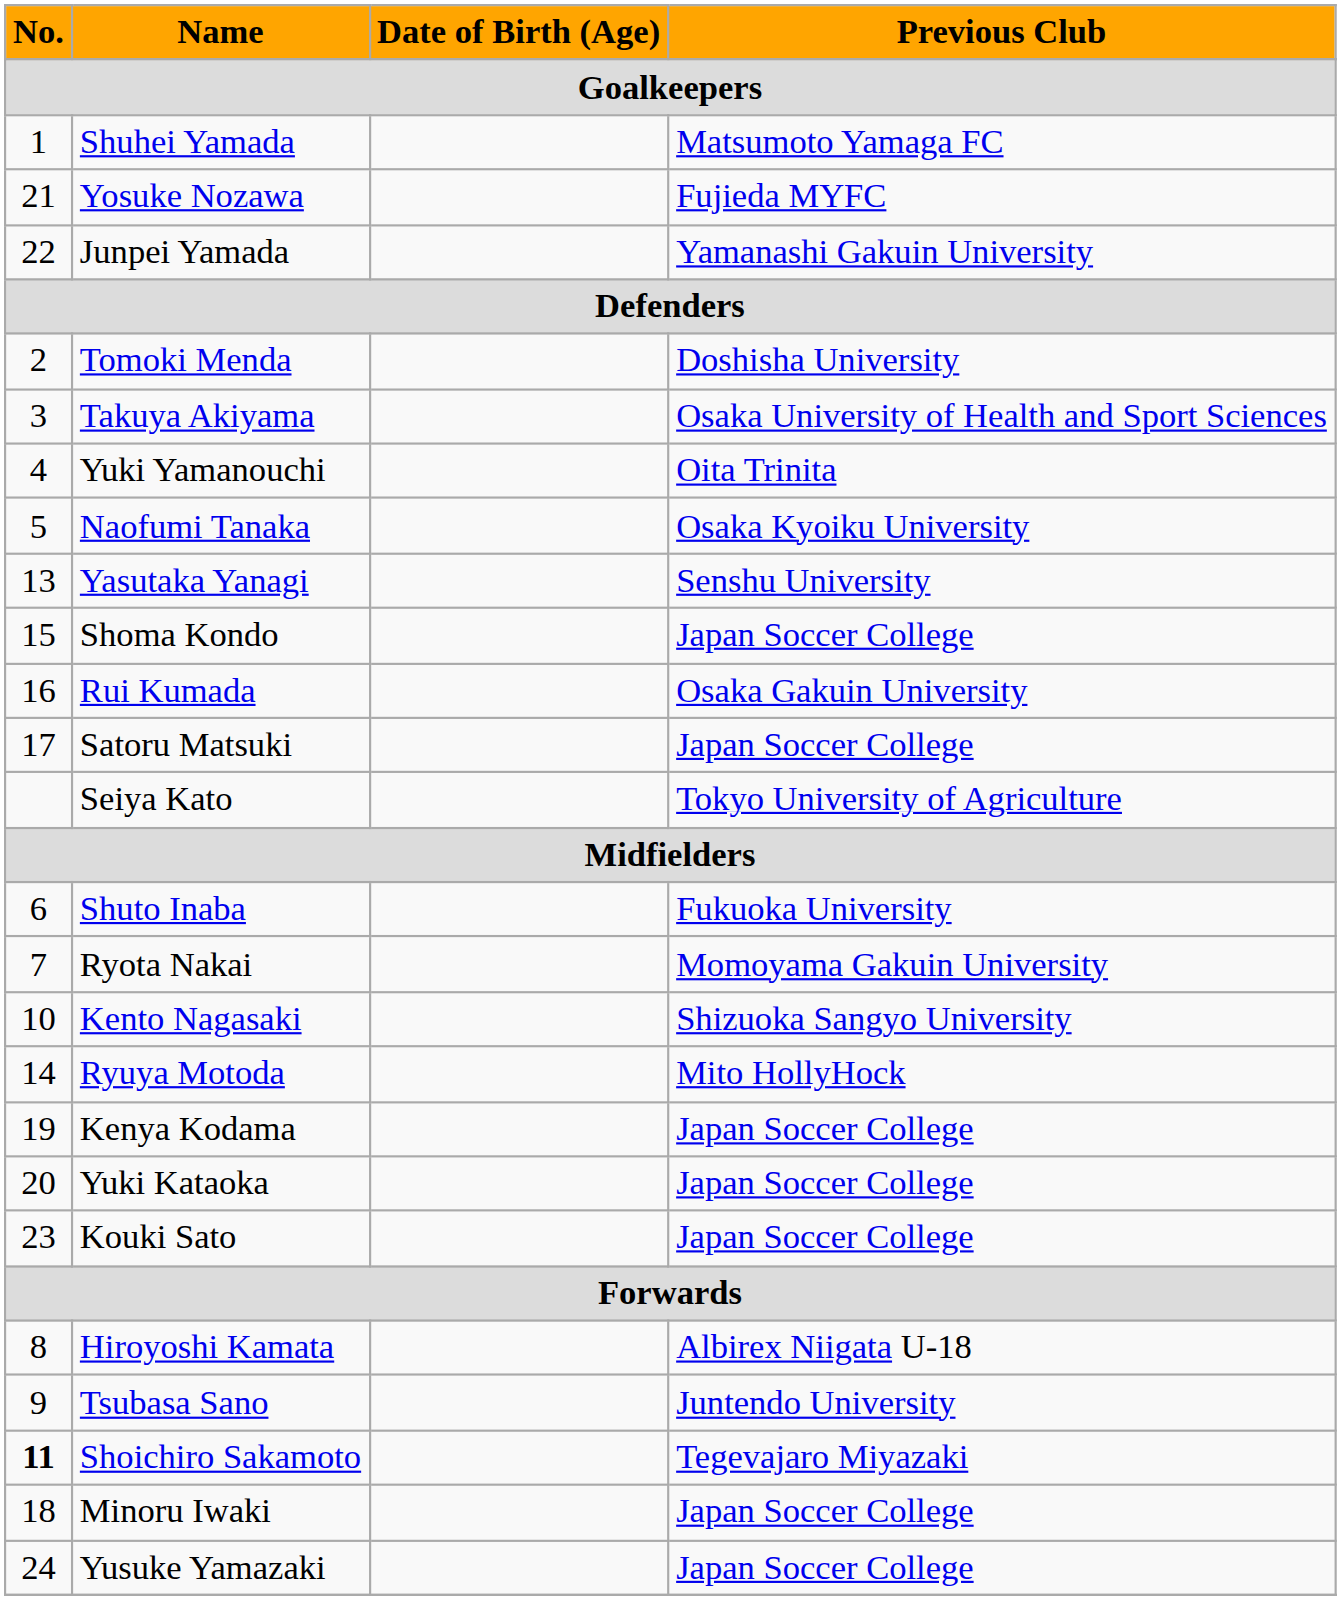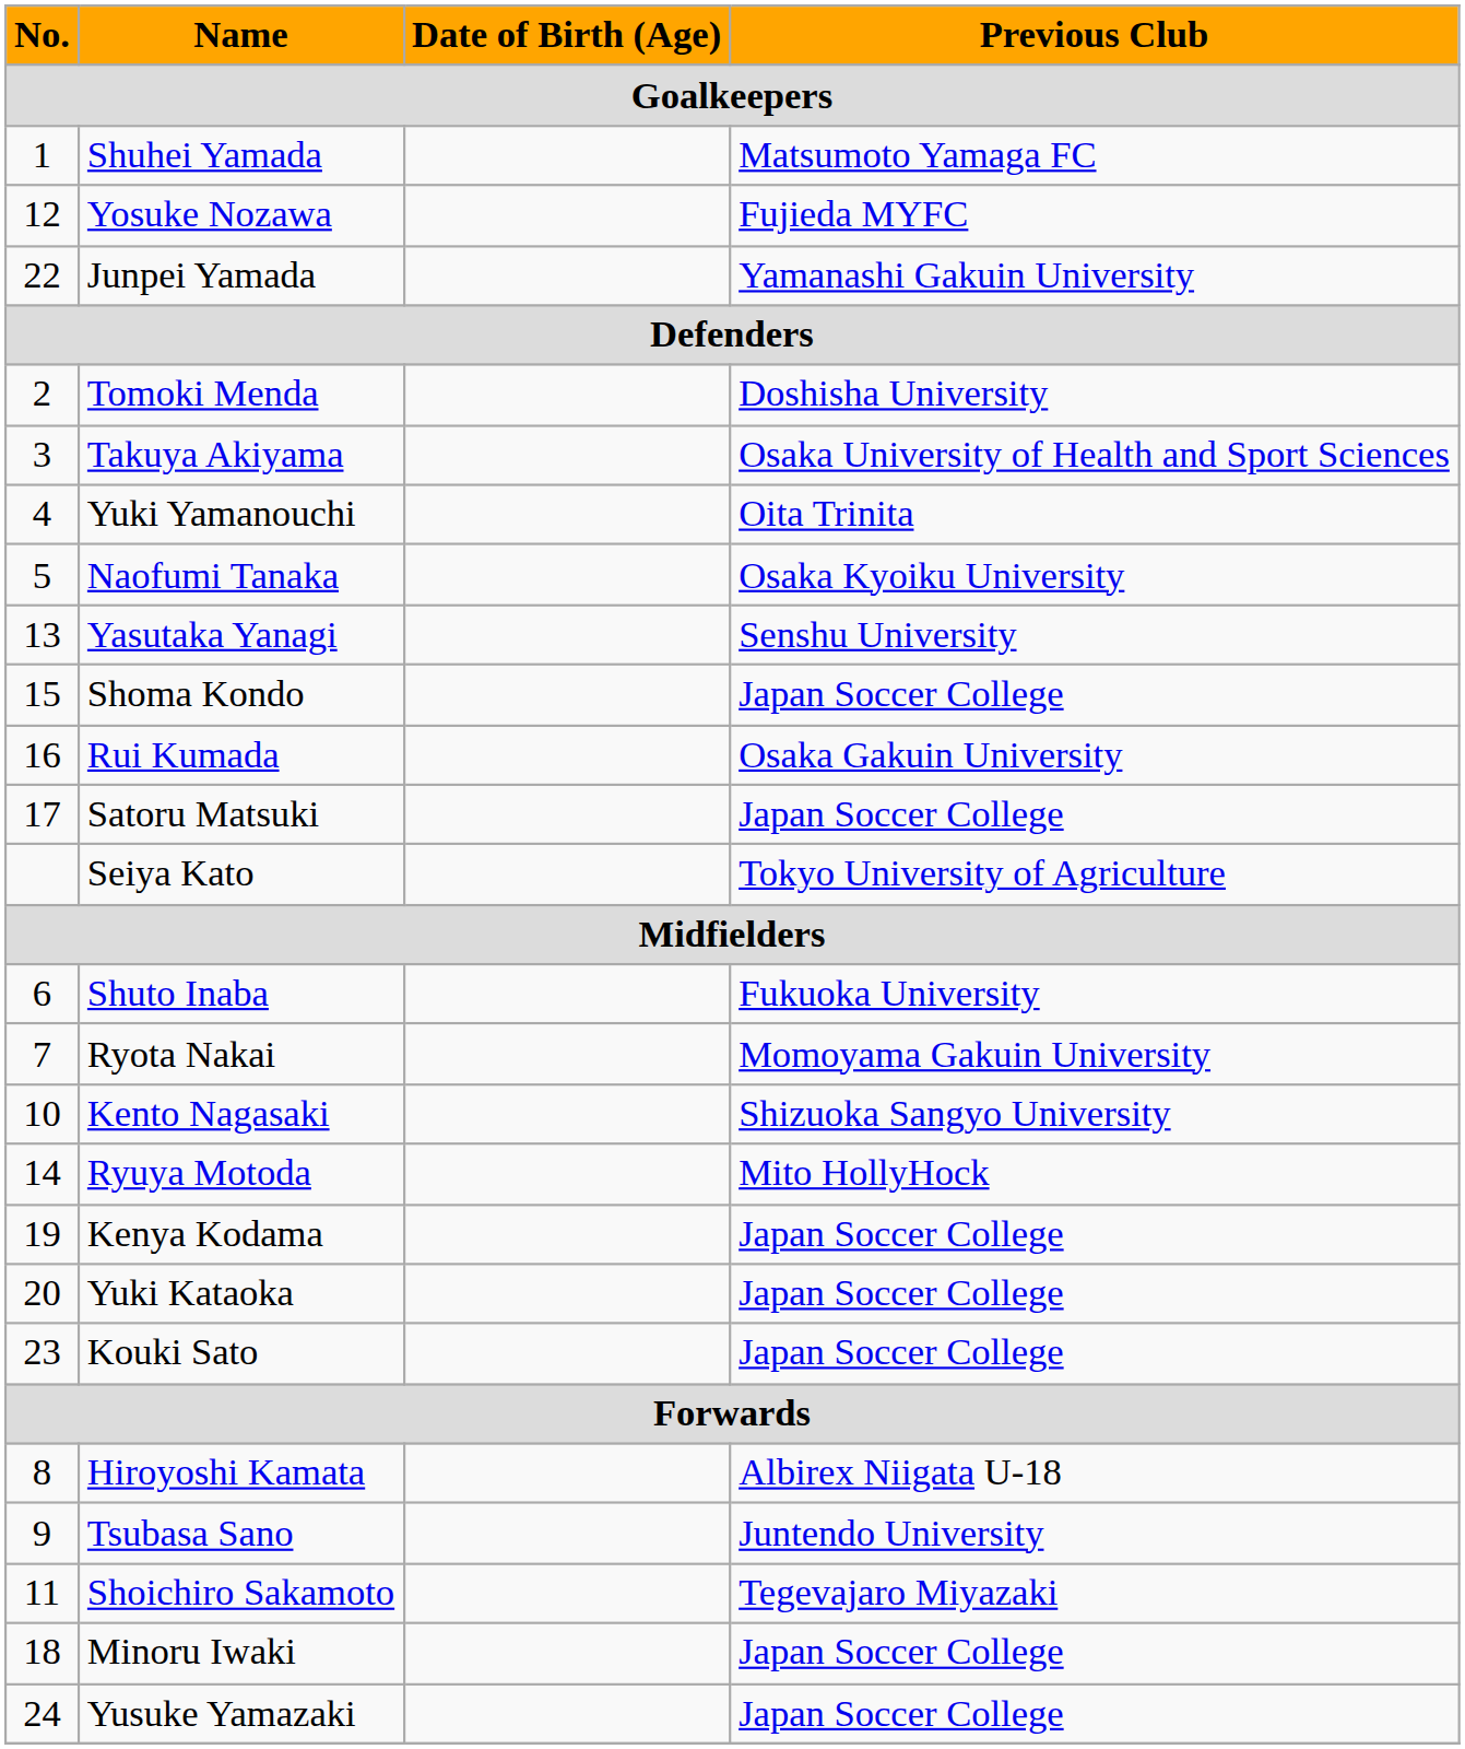 <table class="wikitable" font-size:85%; width:80%;">
 <tr>
 <th style="background:#FFA500; color:black; text-align:center;">No.</th>
 <th style="background:#FFA500; color:black; text-align:center;">Name</th>
 <th style="background:#FFA500; color:black; text-align:center;">Date of Birth (Age)</th>
 <th style="background:#FFA500; color:black; text-align:center;">Previous Club</th>
 </tr>
 <tr>
 </tr>
 <tr>
 <th colspan="4" style="background:#dcdcdc; text-align:center;">Goalkeepers</th>
 </tr>
 <tr>
 <td style="text-align:center;">1</td>
 <td> <a href='#'>Shuhei Yamada</a></td>
 <td style="text-align:center;"></td>
 <td> <a href='#'>Matsumoto Yamaga FC</a></td>
 </tr>
 <tr>
-<td style="text-align:center;">21</td>
+<td style="text-align:center;">12</td>
 <td> <a href='#'>Yosuke Nozawa</a></td>
 <td style="text-align:center;"></td>
 <td> <a href='#'>Fujieda MYFC</a></td>
 </tr>
 <tr>
 <td style="text-align:center;">22</td>
 <td> Junpei Yamada</td>
 <td style="text-align:center;"></td>
 <td> <a href='#'>Yamanashi Gakuin University</a></td>
 </tr>
 <tr>
 <th colspan="6" style="background:#dcdcdc; text-align:center;">Defenders</th>
 </tr>
 <tr>
 <td style="text-align:center;">2</td>
 <td> <a href='#'>Tomoki Menda</a></td>
 <td style="text-align:center;"></td>
 <td> <a href='#'>Doshisha University</a></td>
 </tr>
 <tr>
 <td style="text-align:center;">3</td>
 <td> <a href='#'>Takuya Akiyama</a></td>
 <td style="text-align:center;"></td>
 <td> <a href='#'>Osaka University of Health and Sport Sciences</a></td>
 </tr>
 <tr>
 <td style="text-align:center;">4</td>
 <td> Yuki Yamanouchi</td>
 <td style="text-align:center;"></td>
 <td> <a href='#'>Oita Trinita</a></td>
 </tr>
 <tr>
 <td style="text-align:center;">5</td>
 <td> <a href='#'>Naofumi Tanaka</a></td>
 <td style="text-align:center;"></td>
 <td> <a href='#'>Osaka Kyoiku University</a></td>
 </tr>
 <tr>
 <td style="text-align:center;">13</td>
 <td> <a href='#'>Yasutaka Yanagi</a></td>
 <td style="text-align:center;"></td>
 <td> <a href='#'>Senshu University</a></td>
 </tr>
 <tr>
 <td style="text-align:center;">15</td>
 <td> Shoma Kondo</td>
 <td style="text-align:center;"></td>
 <td> <a href='#'>Japan Soccer College</a></td>
 </tr>
 <tr>
 <td style="text-align:center;">16</td>
 <td> <a href='#'>Rui Kumada</a></td>
 <td style="text-align:center;"></td>
 <td><a href='#'>Osaka Gakuin University</a></td>
 </tr>
 <tr>
 <td style="text-align:center;">17</td>
 <td> Satoru Matsuki</td>
 <td style="text-align:center;"></td>
 <td><a href='#'>Japan Soccer College</a></td>
 </tr>
 <tr>
 <td></td>
 <td> Seiya Kato</td>
 <td style="text-align:center;"></td>
 <td> <a href='#'>Tokyo University of Agriculture</a></td>
 </tr>
 <tr>
 <th colspan="4" style="background:#dcdcdc; text-align:center;">Midfielders</th>
 </tr>
 <tr>
 <td style="text-align:center;">6</td>
 <td> <a href='#'>Shuto Inaba</a></td>
 <td style="text-align:center;"></td>
 <td><a href='#'>Fukuoka University</a></td>
 </tr>
 <tr>
 <td style="text-align:center;">7</td>
 <td> Ryota Nakai</td>
 <td style="text-align:center;"></td>
 <td> <a href='#'>Momoyama Gakuin University</a></td>
 </tr>
 <tr>
 <td style="text-align:center;">10</td>
 <td> <a href='#'>Kento Nagasaki</a></td>
 <td style="text-align:center;"></td>
 <td> <a href='#'>Shizuoka Sangyo University</a></td>
 </tr>
 <tr>
 <td style="text-align:center;">14</td>
 <td> <a href='#'>Ryuya Motoda</a></td>
 <td style="text-align:center;"></td>
 <td> <a href='#'>Mito HollyHock</a></td>
 </tr>
 <tr>
 <td style="text-align:center;">19</td>
 <td> Kenya Kodama</td>
 <td style="text-align:center;"></td>
 <td> <a href='#'>Japan Soccer College</a></td>
 </tr>
 <tr>
 <td style="text-align:center;">20</td>
 <td> Yuki Kataoka</td>
 <td style="text-align:center;"></td>
 <td> <a href='#'>Japan Soccer College</a></td>
 </tr>
 <tr>
 <td style="text-align:center;">23</td>
 <td> Kouki Sato</td>
 <td style="text-align:center;"></td>
 <td> <a href='#'>Japan Soccer College</a></td>
 </tr>
 <tr>
 <th colspan="4" style="background:#dcdcdc; text-align:center;">Forwards</th>
 </tr>
 <tr>
 <td style="text-align:center;">8</td>
 <td> <a href='#'>Hiroyoshi Kamata</a></td>
 <td style="text-align:center;"></td>
 <td> <a href='#'>Albirex Niigata</a> U-18</td>
 </tr>
 <tr>
 <td style="text-align:center;">9</td>
 <td> <a href='#'>Tsubasa Sano</a></td>
 <td style="text-align:center;"></td>
 <td> <a href='#'>Juntendo University</a></td>
 </tr>
 <tr>
-<td style="text-align:center;"><strong>11</strong></td>
+<td style="text-align:center;">11</td>
 <td> <a href='#'>Shoichiro Sakamoto</a></td>
 <td style="text-align:center;"></td>
 <td> <a href='#'>Tegevajaro Miyazaki</a></td>
 </tr>
 <tr>
 <td style="text-align:center;">18</td>
 <td> Minoru Iwaki</td>
 <td style="text-align:center;"></td>
 <td> <a href='#'>Japan Soccer College</a></td>
 </tr>
 <tr>
 <td style="text-align:center;">24</td>
 <td> Yusuke Yamazaki</td>
 <td style="text-align:center;"></td>
 <td> <a href='#'>Japan Soccer College</a></td>
 </tr>
 <tr>
 </tr>
 </table>
